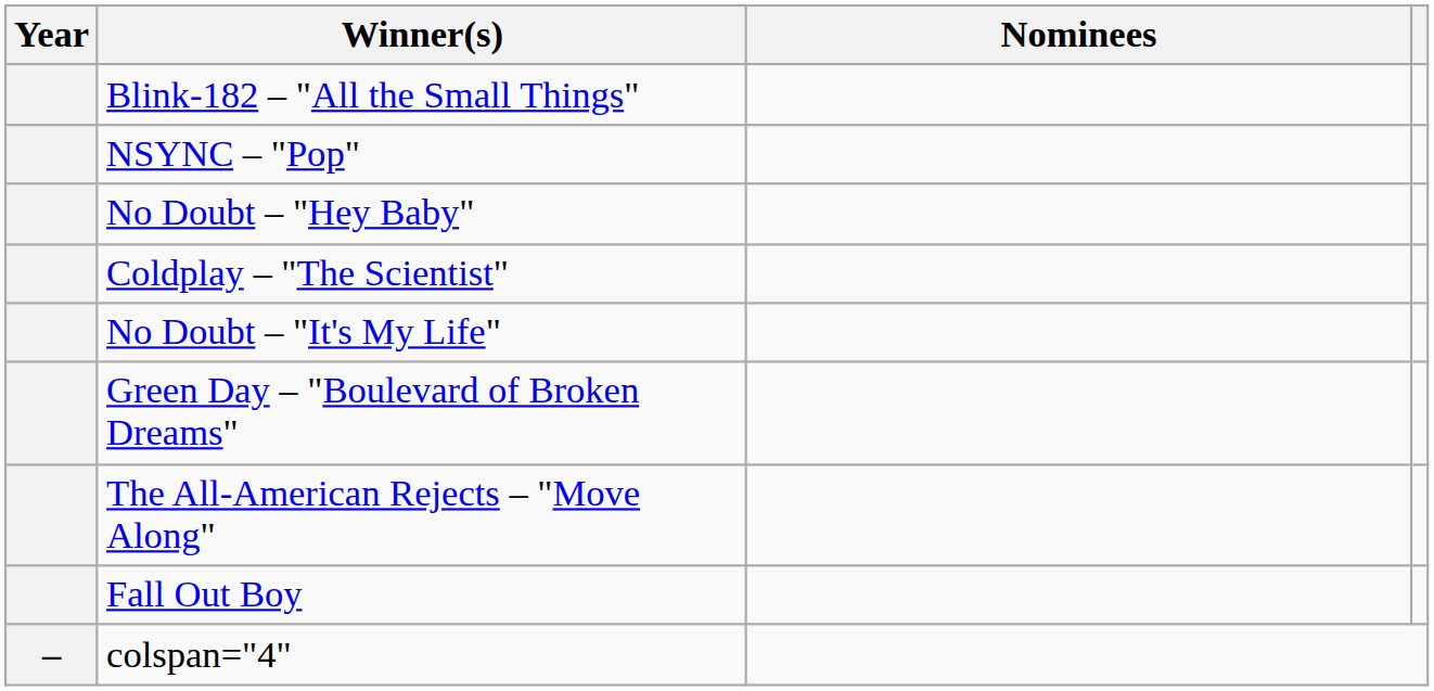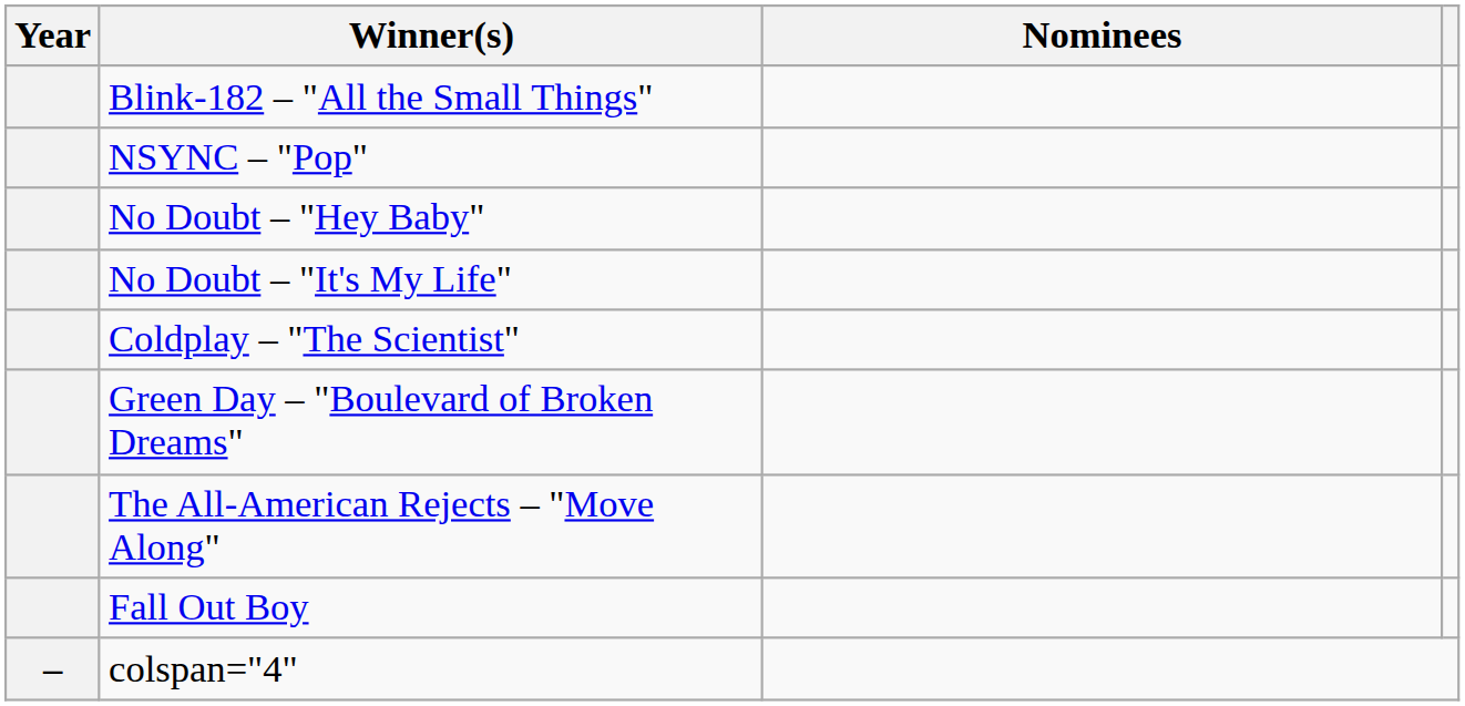 <table class="wikitable sortable">
 <tr>
 <th scope="col" style="width:25px;">Year</th>
 <th scope="col" style="width:310px;">Winner(s)</th>
 <th scope="col" style="width:320px;">Nominees</th>
 <th scope="col" class="unsortable"></th>
 </tr>
 <tr>
 <th scope="row"></th>
 <td><a href='#'>Blink-182</a> – "<a href='#'>All the Small Things</a>"</td>
 <td></td>
 <td align="center"><br></td>
 </tr>
 <tr>
 <th scope="row"></th>
 <td><a href='#'>NSYNC</a> – "<a href='#'>Pop</a>"</td>
 <td></td>
 <td align="center"><br></td>
 </tr>
 <tr>
 <th scope="row"></th>
 <td><a href='#'>No Doubt</a>  – "<a href='#'>Hey Baby</a>"</td>
 <td></td>
 <td align="center"><br></td>
 </tr>
 <tr>
 <th scope="row"></th>
+<td><a href='#'>No Doubt</a> – "<a href='#'>It's My Life</a>"</td>
+<td></td>
+<td align="center"><br></td>
+</tr>
+<tr>
+<th scope="row"></th>
 <td><a href='#'>Coldplay</a> – "<a href='#'>The Scientist</a>"</td>
 <td></td>
 <td align="center"></td>
-</tr>
-<tr>
-<th scope="row"></th>
-<td><a href='#'>No Doubt</a> – "<a href='#'>It's My Life</a>"</td>
-<td></td>
-<td align="center"><br></td>
 </tr>
 <tr>
 <th scope="row"></th>
 <td><a href='#'>Green Day</a> – "<a href='#'>Boulevard of Broken Dreams</a>"</td>
 <td></td>
 <td align="center"><br></td>
 </tr>
 <tr>
 <th scope="row"></th>
 <td><a href='#'>The All-American Rejects</a> – "<a href='#'>Move Along</a>"</td>
 <td></td>
 <td align="center"></td>
 </tr>
 <tr>
 <th scope="row"></th>
 <td><a href='#'>Fall Out Boy</a></td>
 <td></td>
 <td align="center"><br></td>
 </tr>
 <tr>
 <th scope="row"> – </th>
 <td>colspan="4" </td>
 </tr>
 </table>
